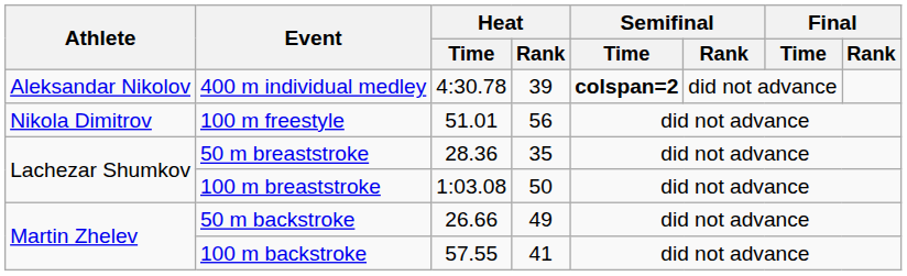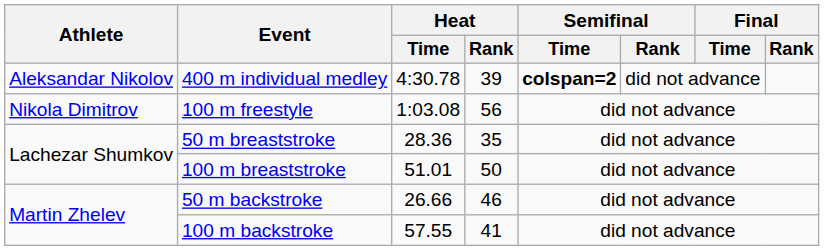 <table class=wikitable style="font-size:90%">
 <tr>
 <th rowspan="2">Athlete</th>
 <th rowspan="2">Event</th>
 <th colspan="2">Heat</th>
 <th colspan="2">Semifinal</th>
 <th colspan="2">Final</th>
 </tr>
 <tr style="font-size:95%">
 <th>Time</th>
 <th>Rank</th>
 <th>Time</th>
 <th>Rank</th>
 <th>Time</th>
 <th>Rank</th>
 </tr>
 <tr align=center>
 <td align=left><a href='#'>Aleksandar Nikolov</a></td>
 <td align=left><a href='#'>400 m individual medley</a></td>
 <td>4:30.78</td>
 <td>39</td>
 <td><strong>colspan=2 </strong></td>
 <td colspan=2>did not advance</td>
 </tr>
 <tr align=center>
 <td align=left><a href='#'>Nikola Dimitrov</a></td>
 <td align=left><a href='#'>100 m freestyle</a></td>
-<td>51.01</td>
+<td>1:03.08</td>
 <td>56</td>
 <td colspan=4>did not advance</td>
 </tr>
 <tr align=center>
 <td align=left rowspan=2>Lachezar Shumkov</td>
 <td align=left><a href='#'>50 m breaststroke</a></td>
 <td>28.36</td>
 <td>35</td>
 <td colspan=4>did not advance</td>
 </tr>
 <tr align=center>
 <td align=left><a href='#'>100 m breaststroke</a></td>
-<td>1:03.08</td>
+<td>51.01</td>
 <td>50</td>
 <td colspan=4>did not advance</td>
 </tr>
 <tr align=center>
 <td align=left rowspan=2><a href='#'>Martin Zhelev</a></td>
 <td align=left><a href='#'>50 m backstroke</a></td>
 <td>26.66</td>
-<td>49</td>
+<td>46</td>
 <td colspan=4>did not advance</td>
 </tr>
 <tr align=center>
 <td align=left><a href='#'>100 m backstroke</a></td>
 <td>57.55</td>
 <td>41</td>
 <td colspan=4>did not advance</td>
 </tr>
 </table>
